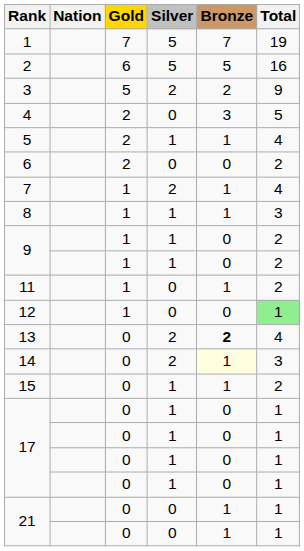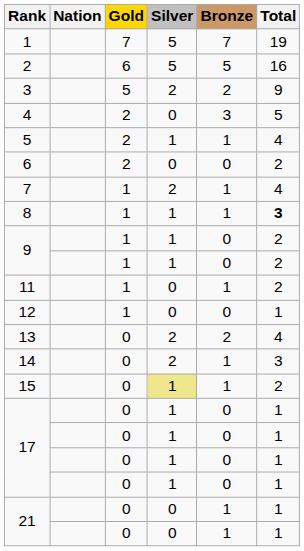 <table class="wikitable sortable" style="text-align:center">
 <tr>
 <th>Rank</th>
 <th>Nation</th>
 <th style="background-color:gold">Gold</th>
 <th style="background-color:silver">Silver</th>
 <th style="background-color:#cc9966">Bronze</th>
 <th>Total</th>
 </tr>
 <tr>
 <td>1</td>
 <td align=left></td>
 <td>7</td>
 <td>5</td>
 <td>7</td>
 <td>19</td>
 </tr>
 <tr>
 <td>2</td>
 <td align=left></td>
 <td>6</td>
 <td>5</td>
 <td>5</td>
 <td>16</td>
 </tr>
 <tr>
 <td>3</td>
 <td align=left></td>
 <td>5</td>
 <td>2</td>
 <td>2</td>
 <td>9</td>
 </tr>
 <tr>
 <td>4</td>
 <td align=left></td>
 <td>2</td>
 <td>0</td>
 <td>3</td>
 <td>5</td>
 </tr>
 <tr>
 <td>5</td>
 <td align="left"></td>
 <td>2</td>
 <td>1</td>
 <td>1</td>
 <td>4</td>
 </tr>
 <tr>
 <td>6</td>
 <td align="left"></td>
 <td>2</td>
 <td>0</td>
 <td>0</td>
 <td>2</td>
 </tr>
 <tr>
 <td>7</td>
 <td align="left"></td>
 <td>1</td>
 <td>2</td>
 <td>1</td>
 <td>4</td>
 </tr>
 <tr>
 <td>8</td>
 <td align="left"></td>
 <td>1</td>
 <td>1</td>
 <td>1</td>
-<td>3</td>
+<td><strong>3</strong></td>
 </tr>
 <tr>
 <td rowspan="2">9</td>
 <td align="left"></td>
 <td>1</td>
 <td>1</td>
 <td>0</td>
 <td>2</td>
 </tr>
 <tr>
 <td align=left></td>
 <td>1</td>
 <td>1</td>
 <td>0</td>
 <td>2</td>
 </tr>
 <tr>
 <td>11</td>
 <td align="left"></td>
 <td>1</td>
 <td>0</td>
 <td>1</td>
 <td>2</td>
 </tr>
 <tr>
 <td>12</td>
 <td align="left"></td>
 <td>1</td>
 <td>0</td>
 <td>0</td>
-<td style="background: lightgreen;">1</td>
+<td>1</td>
 </tr>
 <tr>
 <td>13</td>
 <td align="left"></td>
 <td>0</td>
 <td>2</td>
-<td><strong>2</strong></td>
+<td>2</td>
 <td>4</td>
 </tr>
 <tr>
 <td>14</td>
 <td align="left"></td>
 <td>0</td>
 <td>2</td>
-<td style="background: lightyellow;">1</td>
+<td>1</td>
 <td>3</td>
 </tr>
 <tr>
 <td>15</td>
 <td align="left"></td>
 <td>0</td>
-<td>1</td>
+<td style="background: khaki;">1</td>
 <td>1</td>
 <td>2</td>
 </tr>
 <tr>
 <td rowspan=4>17</td>
 <td align="left"></td>
 <td>0</td>
 <td>1</td>
 <td>0</td>
 <td>1</td>
 </tr>
 <tr>
 <td align=left></td>
 <td>0</td>
 <td>1</td>
 <td>0</td>
 <td>1</td>
 </tr>
 <tr>
 <td align=left></td>
 <td>0</td>
 <td>1</td>
 <td>0</td>
 <td>1</td>
 </tr>
 <tr>
 <td align=left></td>
 <td>0</td>
 <td>1</td>
 <td>0</td>
 <td>1</td>
 </tr>
 <tr>
 <td rowspan=3>21</td>
 <td align="left"></td>
 <td>0</td>
 <td>0</td>
 <td>1</td>
 <td>1</td>
 </tr>
 <tr>
 <td align=left></td>
 <td>0</td>
 <td>0</td>
 <td>1</td>
 <td>1</td>
 </tr>
 </table>
